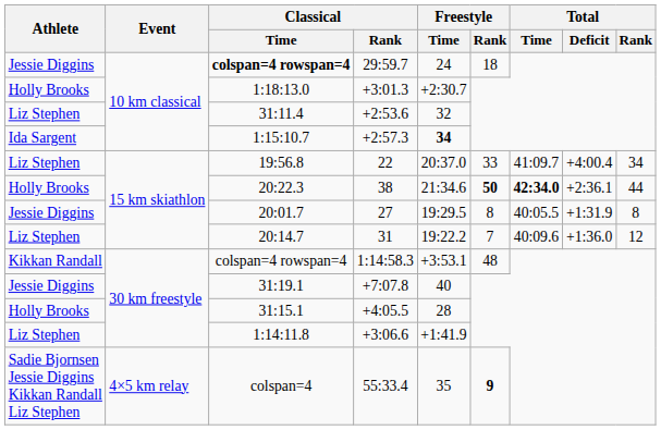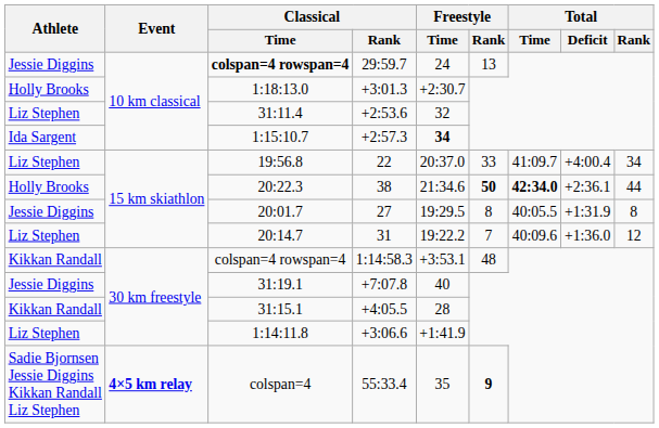 <table class=wikitable style=font-size:90%;text-align:center>
 <tr>
 <th rowspan=2>Athlete</th>
 <th rowspan=2>Event</th>
 <th colspan=2>Classical</th>
 <th colspan=2>Freestyle</th>
 <th colspan=3>Total</th>
 </tr>
 <tr style=font-size:95%>
 <th>Time</th>
 <th>Rank</th>
 <th>Time</th>
 <th>Rank</th>
 <th>Time</th>
 <th>Deficit</th>
 <th>Rank</th>
 </tr>
 <tr>
 <td align=left><a href='#'>Jessie Diggins</a></td>
 <td align=left rowspan=4><a href='#'>10 km classical</a></td>
 <td><strong>colspan=4 rowspan=4 </strong></td>
 <td>29:59.7</td>
 <td>24</td>
-<td>18</td>
+<td>13</td>
 </tr>
 <tr>
 <td align=left><a href='#'>Holly Brooks</a></td>
 <td>1:18:13.0</td>
 <td>+3:01.3</td>
 <td>+2:30.7</td>
 </tr>
 <tr>
 <td align=left><a href='#'>Liz Stephen</a></td>
 <td>31:11.4</td>
 <td>+2:53.6</td>
 <td>32</td>
 </tr>
 <tr>
 <td align=left><a href='#'>Ida Sargent</a></td>
 <td>1:15:10.7</td>
 <td>+2:57.3</td>
 <td><strong>34</strong></td>
 </tr>
 <tr>
 <td align=left><a href='#'>Liz Stephen</a></td>
 <td align=left rowspan=4><a href='#'>15 km skiathlon</a></td>
 <td>19:56.8</td>
 <td>22</td>
 <td>20:37.0</td>
 <td>33</td>
 <td>41:09.7</td>
 <td>+4:00.4</td>
 <td>34</td>
 </tr>
 <tr>
 <td align=left><a href='#'>Holly Brooks</a></td>
 <td>20:22.3</td>
 <td>38</td>
 <td>21:34.6</td>
 <td><strong>50</strong></td>
 <td><strong>42:34.0</strong></td>
 <td>+2:36.1</td>
 <td>44</td>
 </tr>
 <tr>
 <td align=left><a href='#'>Jessie Diggins</a></td>
 <td>20:01.7</td>
 <td>27</td>
 <td>19:29.5</td>
 <td>8</td>
 <td>40:05.5</td>
 <td>+1:31.9</td>
 <td>8</td>
 </tr>
 <tr>
 <td align=left><a href='#'>Liz Stephen</a></td>
 <td>20:14.7</td>
 <td>31</td>
 <td>19:22.2</td>
 <td>7</td>
 <td>40:09.6</td>
 <td>+1:36.0</td>
 <td>12</td>
 </tr>
 <tr>
 <td align=left><a href='#'>Kikkan Randall</a></td>
 <td align=left rowspan=4><a href='#'>30 km freestyle</a></td>
 <td>colspan=4 rowspan=4 </td>
 <td>1:14:58.3</td>
 <td>+3:53.1</td>
 <td>48</td>
 </tr>
 <tr>
 <td align=left><a href='#'>Jessie Diggins</a></td>
 <td>31:19.1</td>
 <td>+7:07.8</td>
 <td>40</td>
 </tr>
 <tr>
-<td align=left><a href='#'>Holly Brooks</a></td>
+<td align=left><a href='#'>Kikkan Randall</a></td>
 <td>31:15.1</td>
 <td>+4:05.5</td>
 <td>28</td>
 </tr>
 <tr>
 <td align=left><a href='#'>Liz Stephen</a></td>
 <td>1:14:11.8</td>
 <td>+3:06.6</td>
 <td>+1:41.9</td>
 </tr>
 <tr>
 <td align=left><a href='#'>Sadie Bjornsen</a><br><a href='#'>Jessie Diggins</a><br><a href='#'>Kikkan Randall</a><br><a href='#'>Liz Stephen</a></td>
-<td align=left><a href='#'>4×5 km relay</a></td>
+<td align=left><strong><a href='#'>4×5 km relay</a></strong></td>
 <td>colspan=4 </td>
 <td>55:33.4</td>
 <td>35</td>
 <td><strong>9</strong></td>
 </tr>
 </table>
